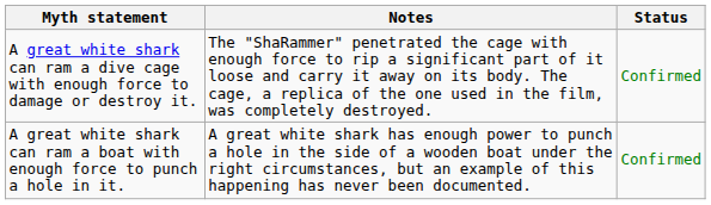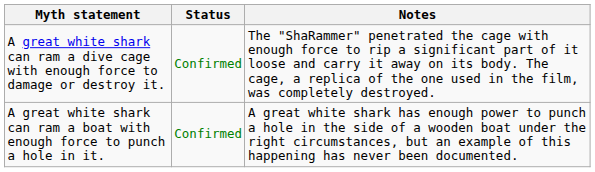 <table class="wikitable plainrowheaders">
 <tr>
 <th>Myth statement</th>
+<th>Status</th>
 <th>Notes</th>
-<th>Status</th>
 </tr>
 <tr>
 <td>A <a href='#'>great white shark</a> can ram a dive cage with enough force to damage or destroy it.</td>
+<td style="color:green">Confirmed</td>
 <td>The "ShaRammer" penetrated the cage with enough force to rip a significant part of it loose and carry it away on its body. The cage, a replica of the one used in the film, was completely destroyed.</td>
-<td style="color:green">Confirmed</td>
 </tr>
 <tr>
 <td>A great white shark can ram a boat with enough force to punch a hole in it.</td>
+<td style="color:green">Confirmed</td>
 <td>A great white shark has enough power to punch a hole in the side of a wooden boat under the right circumstances, but an example of this happening has never been documented.</td>
-<td style="color:green">Confirmed</td>
 </tr>
 </table>
